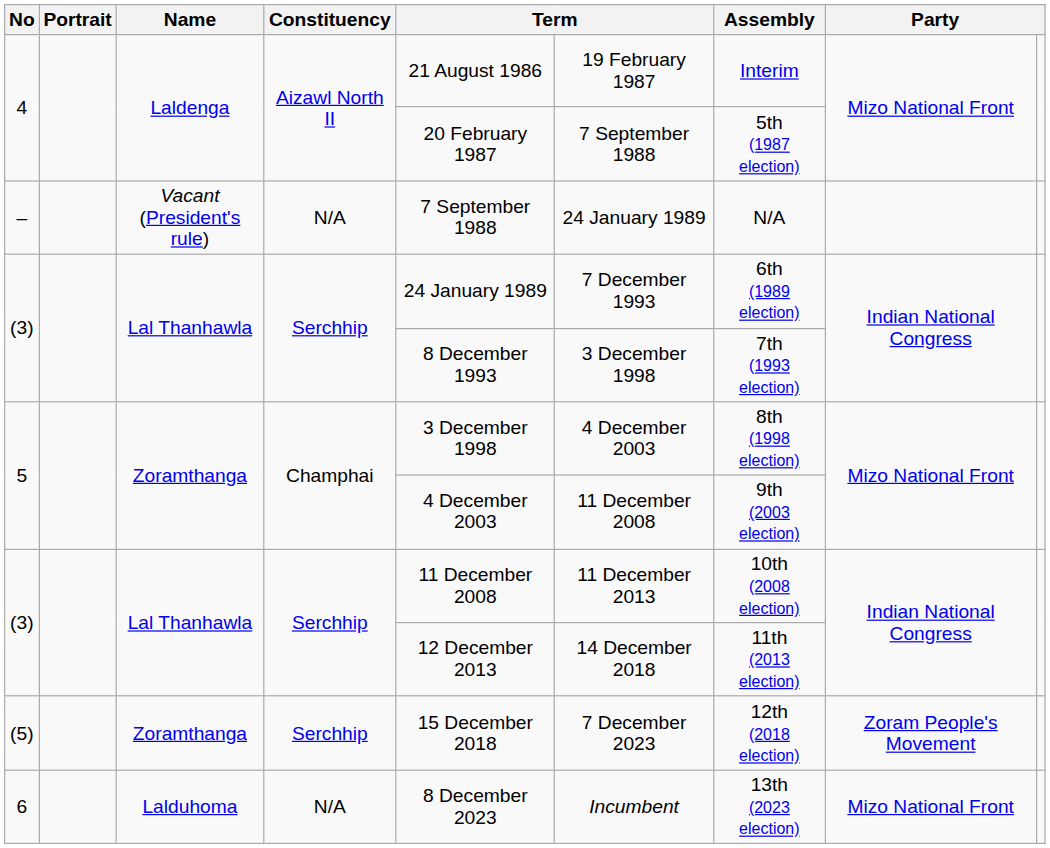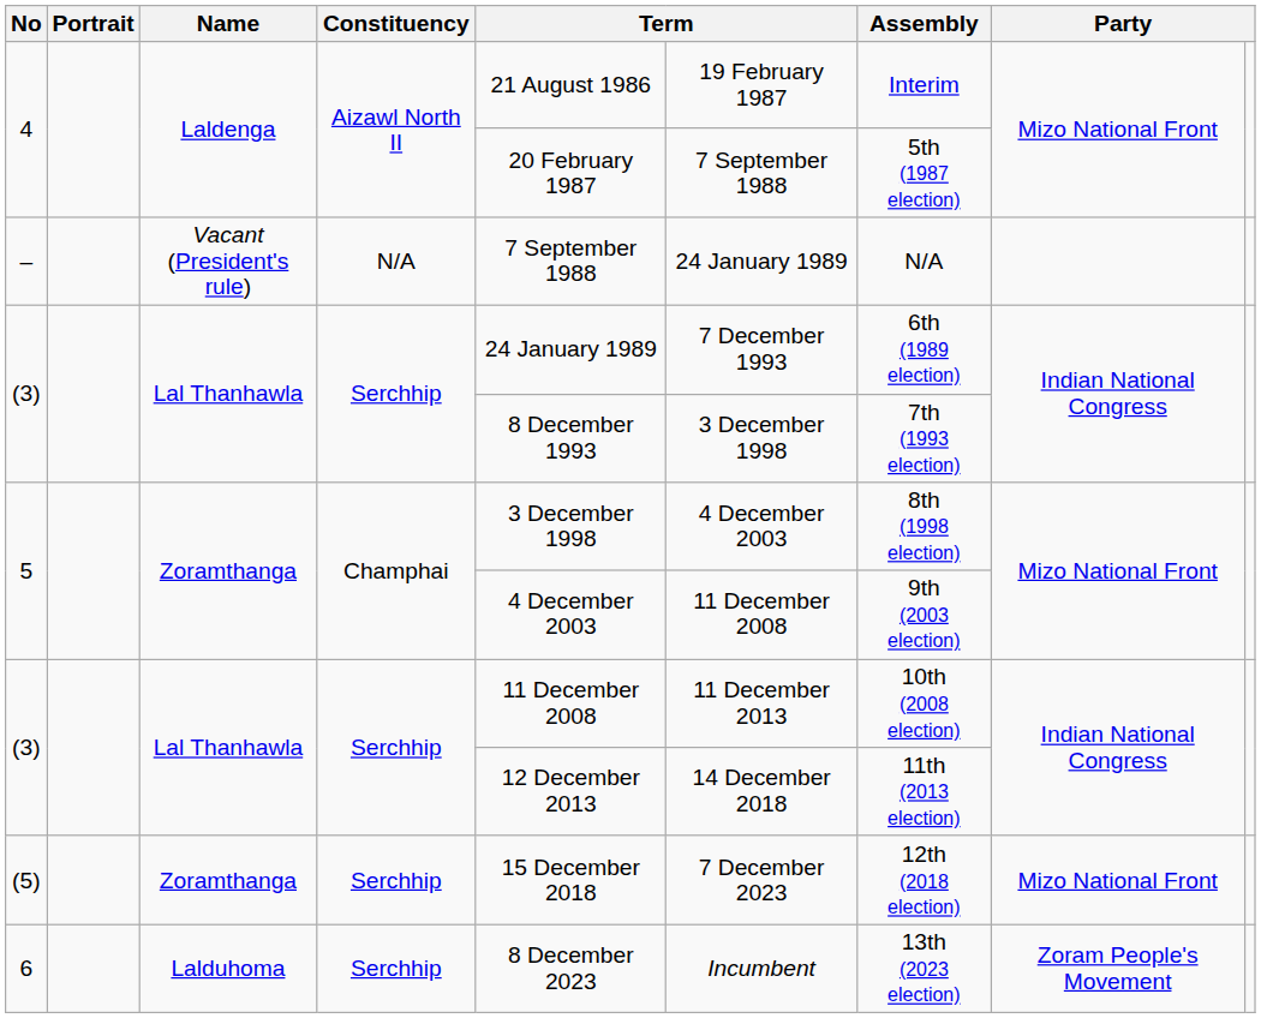 <table class="wikitable">
 <tr>
 <th scope=col>No</th>
 <th>Portrait</th>
 <th scope="col">Name</th>
 <th scope=col>Constituency</th>
 <th colspan="2">Term</th>
 <th>Assembly<br></th>
 <th colspan="2" scope="col">Party</th>
 </tr>
 <tr align=center style="height: 60px;">
 <td rowspan=2>4</td>
 <td rowspan="2"></td>
 <td rowspan="2"><a href='#'>Laldenga</a></td>
 <td rowspan=2><a href='#'>Aizawl North II</a></td>
 <td>21 August 1986</td>
 <td>19 February 1987</td>
 <td><a href='#'>Interim</a></td>
 <td rowspan="2"><a href='#'>Mizo National Front</a></td>
 <td rowspan=2 style="background-color: "></td>
 </tr>
 <tr align=center style="height: 60px;">
 <td>20 February 1987</td>
 <td>7 September 1988</td>
 <td>5th<br><a href='#'><small>(1987 election)</small></a></td>
 </tr>
 <tr align=center style="height: 60px;">
 <td>–</td>
 <td></td>
 <td><em>Vacant</em><br>(<a href='#'>President's rule</a>)</td>
 <td>N/A</td>
 <td>7 September 1988</td>
 <td>24 January 1989</td>
 <td>N/A</td>
 <td></td>
 </tr>
 <tr align=center style="height: 60px;">
 <td rowspan=2>(3)</td>
 <td rowspan="2"></td>
 <td rowspan="2"><a href='#'>Lal Thanhawla</a></td>
 <td rowspan=2><a href='#'>Serchhip</a></td>
 <td>24 January 1989</td>
 <td>7 December 1993</td>
 <td>6th<br><a href='#'><small>(1989 election)</small></a></td>
 <td rowspan="2"><a href='#'>Indian National Congress</a></td>
 <td rowspan=2 style="background-color: "></td>
 </tr>
 <tr align=center style="height: 60px;">
 <td>8 December 1993</td>
 <td>3 December 1998</td>
 <td>7th<br><a href='#'><small>(1993 election)</small></a></td>
 </tr>
 <tr align=center style="height: 60px;">
 <td rowspan=2>5</td>
 <td rowspan="2"></td>
 <td rowspan="2"><a href='#'>Zoramthanga</a></td>
 <td rowspan=2>Champhai</td>
 <td>3 December 1998</td>
 <td>4 December 2003</td>
 <td>8th<br><a href='#'><small>(1998 election)</small></a></td>
 <td rowspan="2"><a href='#'>Mizo National Front</a></td>
 <td rowspan=2 style="background-color: "></td>
 </tr>
 <tr align=center style="height: 60px;">
 <td>4 December 2003</td>
 <td>11 December 2008</td>
 <td>9th<br><a href='#'><small>(2003 election)</small></a></td>
 </tr>
 <tr align=center style="height: 60px;">
 <td rowspan=2>(3)</td>
 <td rowspan="2"></td>
 <td rowspan="2"><a href='#'>Lal Thanhawla</a></td>
 <td rowspan=2><a href='#'>Serchhip</a></td>
 <td>11 December 2008</td>
 <td>11 December 2013</td>
 <td>10th<br><a href='#'><small>(2008 election)</small></a></td>
 <td rowspan="2"><a href='#'>Indian National Congress</a></td>
 <td rowspan=2 style="background-color: "></td>
 </tr>
 <tr align=center style="height: 60px;">
 <td>12 December 2013</td>
 <td>14 December 2018</td>
 <td>11th<br><a href='#'><small>(2013 election)</small></a></td>
 </tr>
 <tr align=center style="height: 60px;">
 <td>(5)</td>
 <td></td>
 <td><a href='#'>Zoramthanga</a></td>
 <td><a href='#'>Serchhip</a></td>
 <td>15 December 2018</td>
 <td>7 December 2023</td>
 <td>12th<br><a href='#'><small>(2018 election)</small></a></td>
-<td><a href='#'>Zoram People's Movement</a></td>
+<td><a href='#'>Mizo National Front</a></td>
 <td style="background-color: "></td>
 </tr>
 <tr align=center style="height: 60px;">
 <td>6</td>
 <td></td>
 <td><a href='#'>Lalduhoma</a></td>
-<td>N/A</td>
+<td><a href='#'>Serchhip</a></td>
 <td>8 December 2023</td>
 <td><em>Incumbent</em></td>
 <td>13th<br><a href='#'><small>(2023 election)</small></a></td>
-<td><a href='#'>Mizo National Front</a></td>
+<td><a href='#'>Zoram People's Movement</a></td>
 <td style="background-color: "></td>
 </tr>
 </table>
